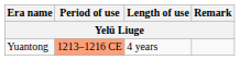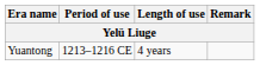 <table class="wikitable">
 <tr>
 <th>Era name</th>
 <th>Period of use</th>
 <th>Length of use</th>
 <th>Remark</th>
 </tr>
 <tr>
 <th colspan="4">Yelü Liuge<br></th>
 </tr>
 <tr>
 <td>Yuantong<br></td>
-<td style="background: lightsalmon;">1213–1216 CE</td>
+<td>1213–1216 CE</td>
 <td>4 years</td>
 <td></td>
 </tr>
 </table>
